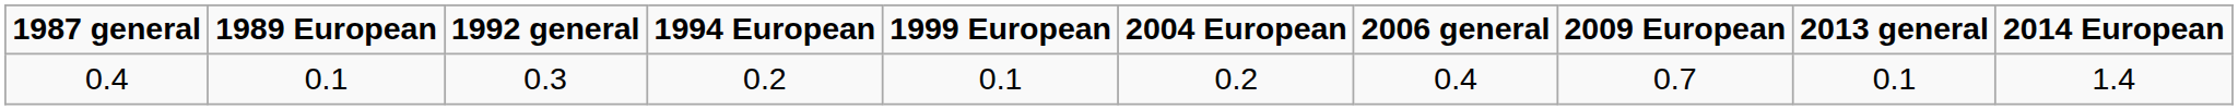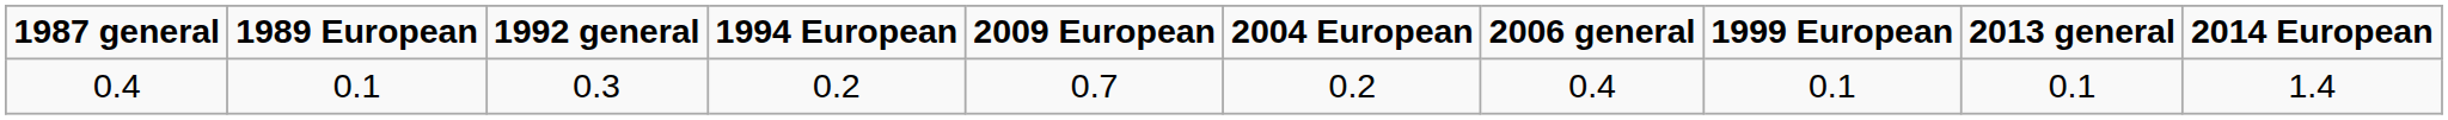 <table class="wikitable" style="text-align:center">
 <tr>
 <td><strong>1987 general</strong></td>
 <td><strong>1989 European</strong></td>
 <td><strong>1992 general</strong></td>
 <td><strong>1994 European</strong></td>
-<td><strong>1999 European</strong></td>
+<td><strong>2009 European</strong></td>
 <td><strong>2004 European</strong></td>
 <td><strong>2006 general</strong></td>
-<td><strong>2009 European</strong></td>
+<td><strong>1999 European</strong></td>
 <td><strong>2013 general</strong></td>
 <td><strong>2014 European</strong></td>
 </tr>
 <tr>
 <td>0.4</td>
 <td>0.1</td>
 <td>0.3</td>
 <td>0.2</td>
-<td>0.1</td>
+<td>0.7</td>
 <td>0.2</td>
 <td>0.4</td>
-<td>0.7</td>
+<td>0.1</td>
 <td>0.1</td>
 <td>1.4</td>
 </tr>
 </table>
